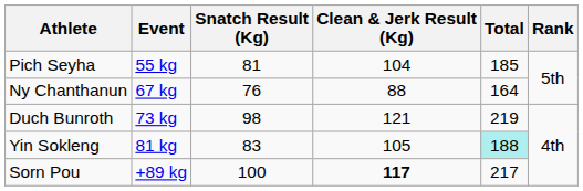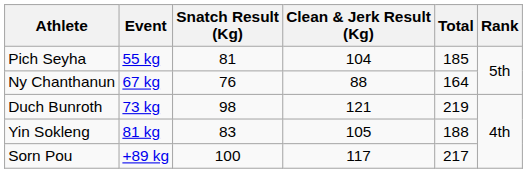 <table class="wikitable" style="font-size:90%">
 <tr>
 <th>Athlete</th>
 <th>Event</th>
 <th>Snatch Result<br>(Kg)</th>
 <th>Clean & Jerk Result<br>(Kg)</th>
 <th>Total</th>
 <th>Rank</th>
 </tr>
 <tr align=center>
 <td align=left>Pich Seyha</td>
 <td align=left><a href='#'>55 kg</a></td>
 <td>81</td>
 <td>104</td>
 <td>185</td>
 <td rowspan=2>5th</td>
 </tr>
 <tr align=center>
 <td align=left>Ny Chanthanun</td>
 <td align=left><a href='#'>67 kg</a></td>
 <td>76</td>
 <td>88</td>
 <td>164</td>
 </tr>
 <tr align=center>
 <td align=left>Duch Bunroth</td>
 <td align=left><a href='#'>73 kg</a></td>
 <td>98</td>
 <td>121</td>
 <td>219</td>
 <td rowspan=3>4th</td>
 </tr>
 <tr align=center>
 <td align=left>Yin Sokleng</td>
 <td align=left><a href='#'>81 kg</a></td>
 <td>83</td>
 <td>105</td>
-<td style="background: paleturquoise;">188</td>
+<td>188</td>
 </tr>
 <tr align=center>
 <td align=left>Sorn Pou</td>
 <td align=left><a href='#'>+89 kg</a></td>
 <td>100</td>
-<td><strong>117</strong></td>
+<td>117</td>
 <td>217</td>
 </tr>
 </table>
